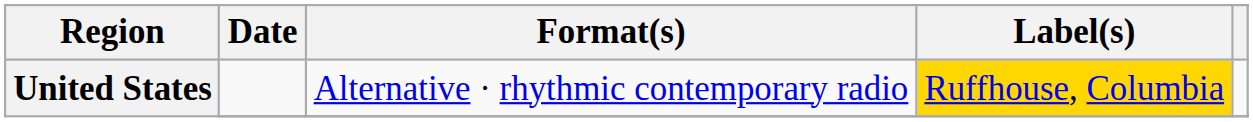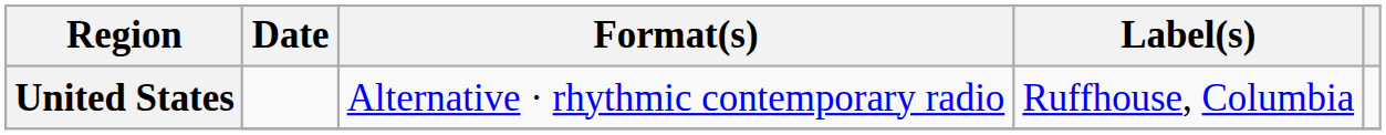 <table class="wikitable plainrowheaders" style="text-align:left">
 <tr>
 <th scope="col">Region</th>
 <th scope="col">Date</th>
 <th scope="col">Format(s)</th>
 <th scope="col">Label(s)</th>
 <th scope="col"></th>
 </tr>
 <tr>
 <th scope="row" rowspan="2">United States</th>
 <td></td>
 <td><a href='#'>Alternative</a> · <a href='#'>rhythmic contemporary radio</a></td>
-<td style="background: gold;"><a href='#'>Ruffhouse</a>, <a href='#'>Columbia</a></td>
+<td><a href='#'>Ruffhouse</a>, <a href='#'>Columbia</a></td>
 <td></td>
 </tr>
 <tr>
 </tr>
 </table>
